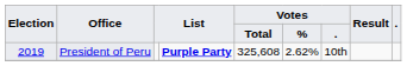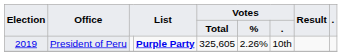 <table class="wikitable" style="font-size:90%; text-align:center;">
 <tr>
 <th style="background-color:#EAECF0;" rowspan=2>Election</th>
 <th style="background-color:#EAECF0;" rowspan=2>Office</th>
 <th style="background-color:#EAECF0;" colspan=2 rowspan=2>List</th>
 <th style="background-color:#EAECF0;" colspan=3>Votes</th>
 <th style="background-color:#EAECF0;" rowspan=2>Result</th>
 <th style="background-color:#EAECF0;" rowspan=2>.</th>
 </tr>
 <tr>
 <th style="background-color:#EAECF0;">Total</th>
 <th style="background-color:#EAECF0;">%</th>
 <th style="background-color:#EAECF0;">.</th>
 </tr>
 <tr>
 <td style="background-color:#EAECF0;"><a href='#'>2019</a></td>
 <td style="background-color:#EAECF0;”"><a href='#'>President of Peru</a></td>
 <td style="background-color:"></td>
 <td><strong><a href='#'>Purple Party</a></strong></td>
-<td>325,608</td>
-<td>2.62%</td>
+<td>325,605</td>
+<td>2.26%</td>
 <td>10th</td>
 <td></td>
 <td></td>
 </tr>
 <tr>
 </tr>
 </table>
